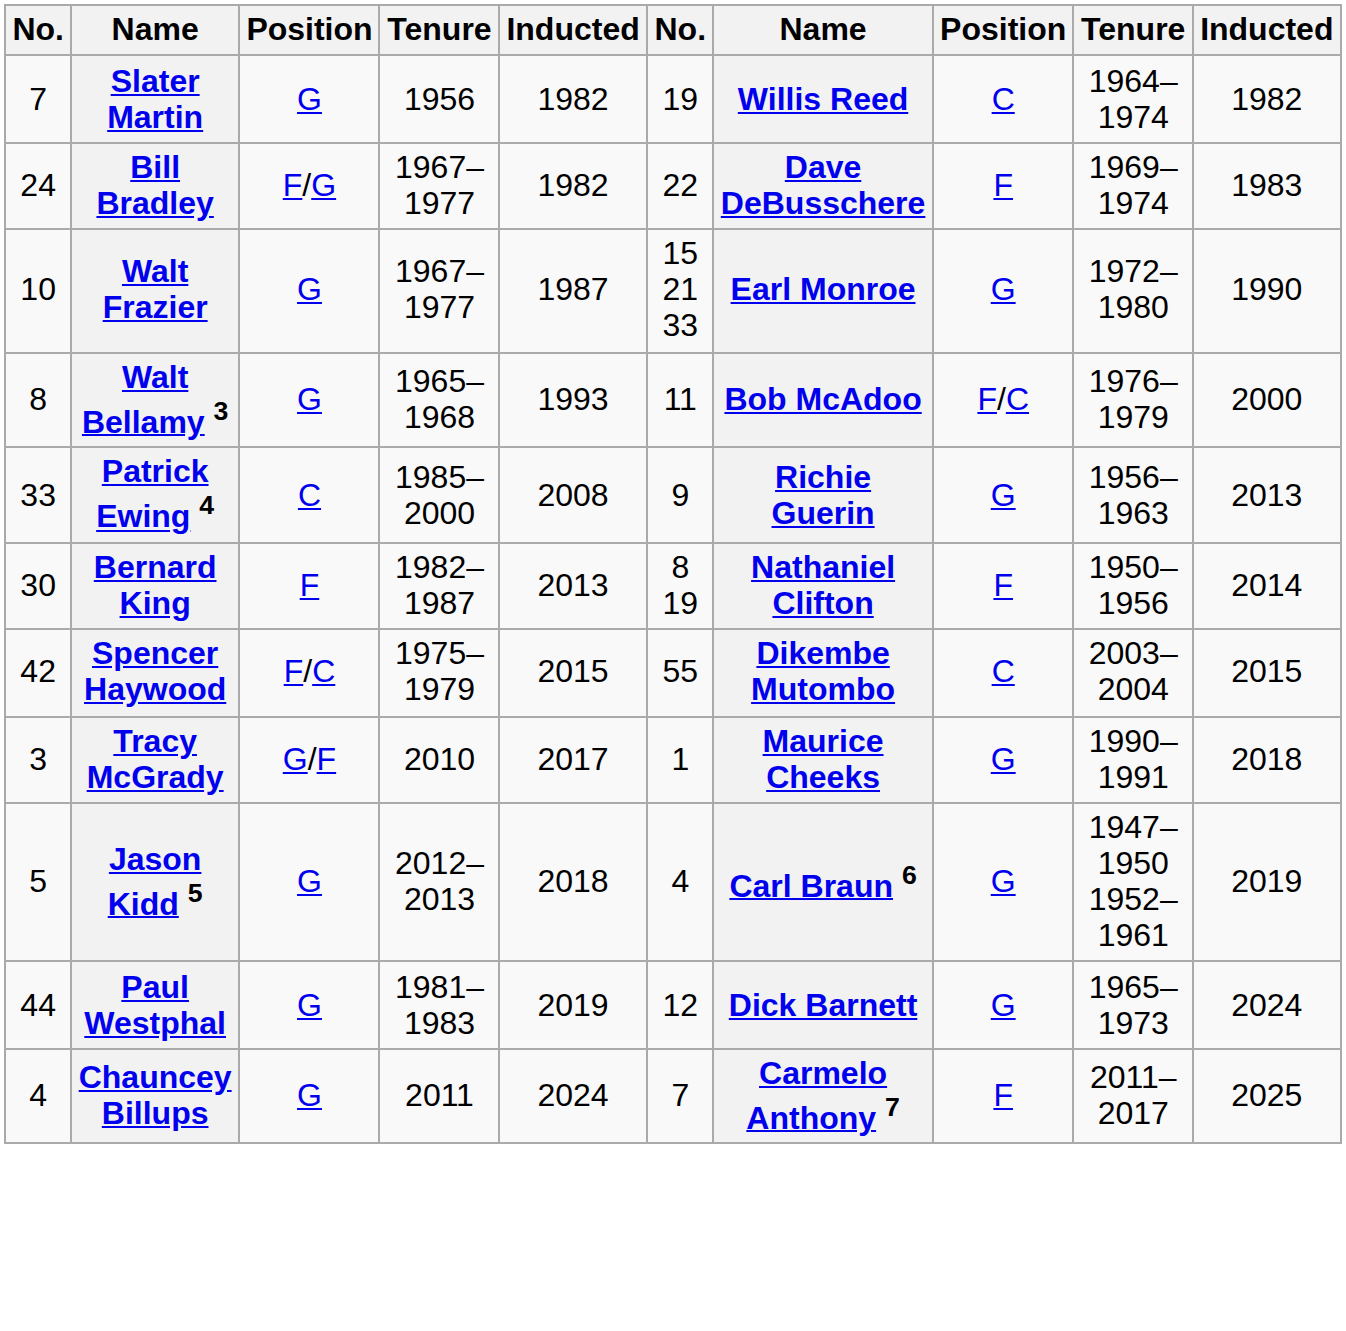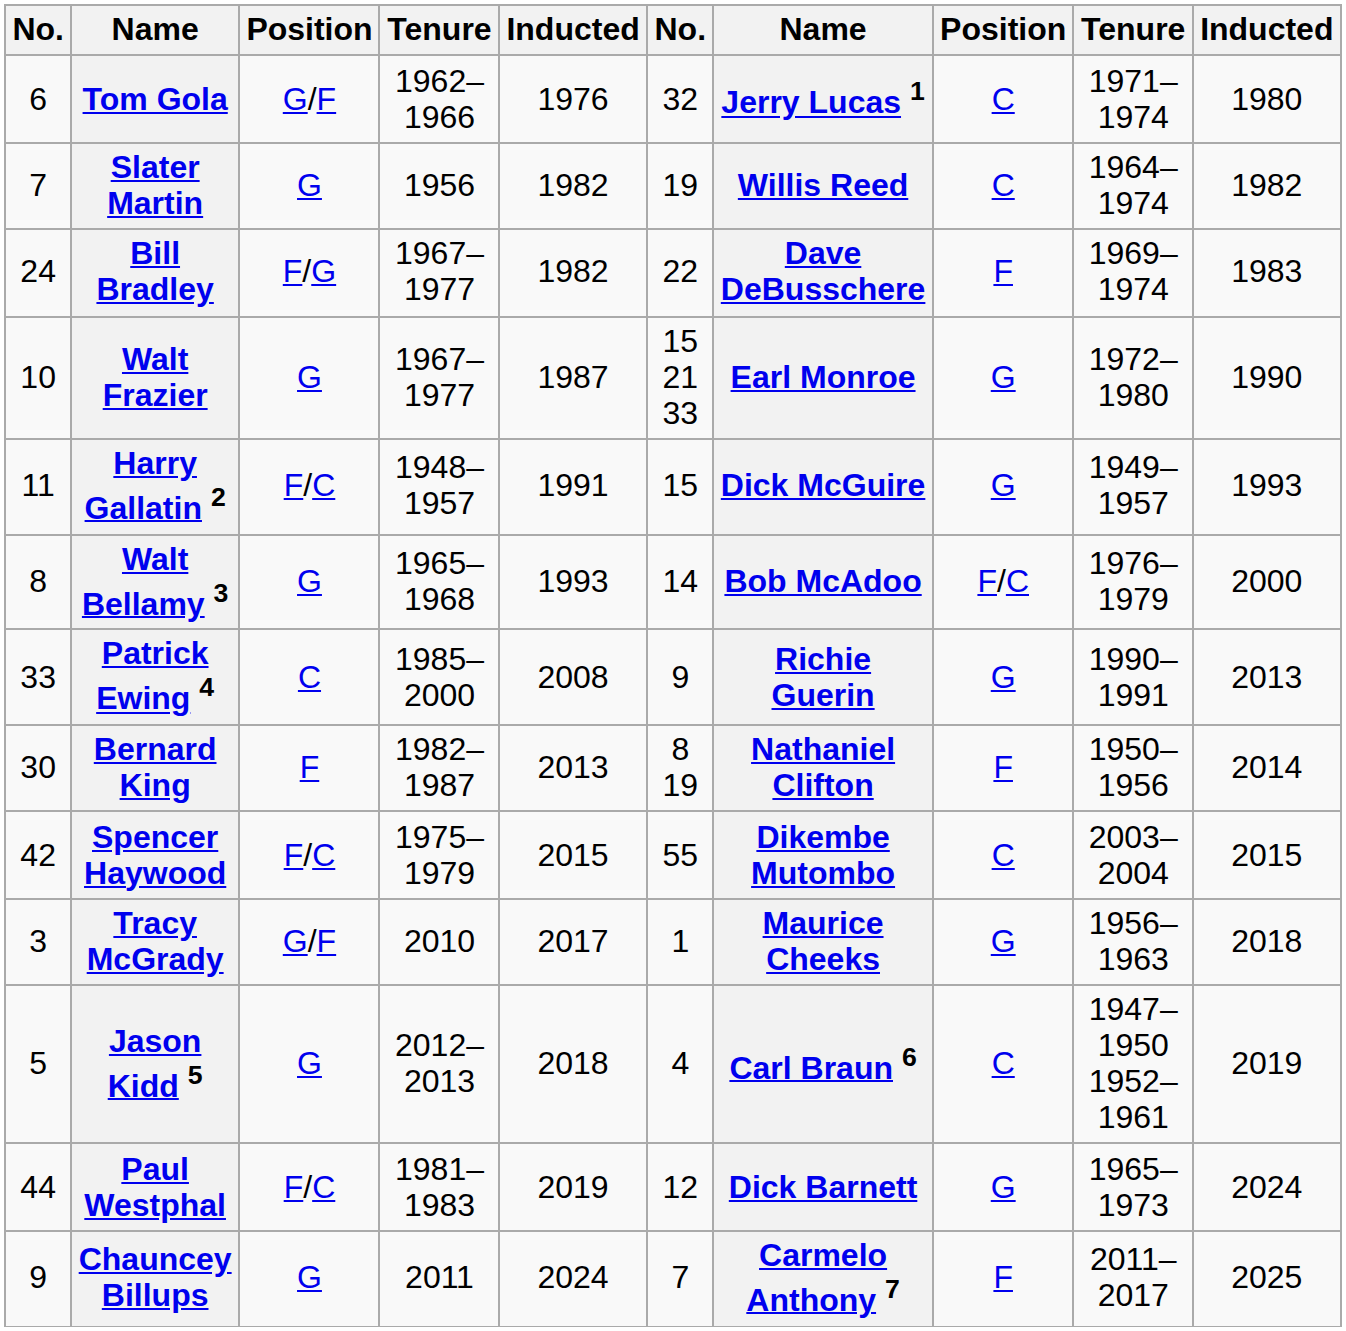 <table class="wikitable" style="text-align:center">
 <tr>
 <th scope="col">No.</th>
 <th scope="col">Name</th>
 <th scope="col">Position</th>
 <th scope="col">Tenure</th>
 <th scope="col">Inducted</th>
 <th scope="col">No.</th>
 <th scope="col">Name</th>
 <th scope="col">Position</th>
 <th scope="col">Tenure</th>
 <th scope="col">Inducted</th>
+</tr>
+<tr>
+<td>6</td>
+<th scope="row"><a href='#'>Tom Gola</a></th>
+<td><a href='#'>G</a>/<a href='#'>F</a></td>
+<td>1962–1966</td>
+<td>1976</td>
+<td>32</td>
+<th scope="row"><a href='#'>Jerry Lucas</a> <sup>1</sup></th>
+<td><a href='#'>C</a></td>
+<td>1971–1974</td>
+<td>1980</td>
 </tr>
 <tr>
 <td>7</td>
 <th scope="row"><a href='#'>Slater Martin</a></th>
 <td><a href='#'>G</a></td>
 <td>1956</td>
 <td>1982</td>
 <td>19</td>
 <th scope="row"><a href='#'>Willis Reed</a></th>
 <td><a href='#'>C</a></td>
 <td>1964–1974</td>
 <td>1982</td>
 </tr>
 <tr>
 <td>24</td>
 <th scope="row"><a href='#'>Bill Bradley</a></th>
 <td><a href='#'>F</a>/<a href='#'>G</a></td>
 <td>1967–1977</td>
 <td>1982</td>
 <td>22</td>
 <th scope="row"><a href='#'>Dave DeBusschere</a></th>
 <td><a href='#'>F</a></td>
 <td>1969–1974</td>
 <td>1983</td>
 </tr>
 <tr>
 <td>10</td>
 <th scope="row"><a href='#'>Walt Frazier</a></th>
 <td><a href='#'>G</a></td>
 <td>1967–1977</td>
 <td>1987</td>
 <td>15<br>21<br>33</td>
 <th scope="row"><a href='#'>Earl Monroe</a></th>
 <td><a href='#'>G</a></td>
 <td>1972–1980</td>
 <td>1990</td>
 </tr>
 <tr>
+<td>11</td>
+<th scope="row"><a href='#'>Harry Gallatin</a> <sup>2</sup></th>
+<td><a href='#'>F</a>/<a href='#'>C</a></td>
+<td>1948–1957</td>
+<td>1991</td>
+<td>15</td>
+<th scope="row"><a href='#'>Dick McGuire</a></th>
+<td><a href='#'>G</a></td>
+<td>1949–1957</td>
+<td>1993</td>
+</tr>
+<tr>
 <td>8</td>
 <th scope="row"><a href='#'>Walt Bellamy</a> <sup>3</sup></th>
 <td><a href='#'>G</a></td>
 <td>1965–1968</td>
 <td>1993</td>
-<td>11</td>
+<td>14</td>
 <th scope="row"><a href='#'>Bob McAdoo</a></th>
 <td><a href='#'>F</a>/<a href='#'>C</a></td>
 <td>1976–1979</td>
 <td>2000</td>
 </tr>
 <tr>
 <td>33</td>
 <th scope="row"><a href='#'>Patrick Ewing</a> <sup>4</sup></th>
 <td><a href='#'>C</a></td>
 <td>1985–2000</td>
 <td>2008</td>
 <td>9</td>
 <th scope="row"><a href='#'>Richie Guerin</a></th>
 <td><a href='#'>G</a></td>
-<td>1956–1963</td>
+<td>1990–1991</td>
 <td>2013</td>
 </tr>
 <tr>
 <td>30</td>
 <th scope="row"><a href='#'>Bernard King</a></th>
 <td><a href='#'>F</a></td>
 <td>1982–1987</td>
 <td>2013</td>
 <td>8<br>19</td>
 <th scope="row"><a href='#'>Nathaniel Clifton</a></th>
 <td><a href='#'>F</a></td>
 <td>1950–1956</td>
 <td>2014</td>
 </tr>
 <tr>
 <td>42</td>
 <th scope="row"><a href='#'>Spencer Haywood</a></th>
 <td><a href='#'>F</a>/<a href='#'>C</a></td>
 <td>1975–1979</td>
 <td>2015</td>
 <td>55</td>
 <th scope="row"><a href='#'>Dikembe Mutombo</a></th>
 <td><a href='#'>C</a></td>
 <td>2003–2004</td>
 <td>2015</td>
 </tr>
 <tr>
 <td>3</td>
 <th scope="row"><a href='#'>Tracy McGrady</a></th>
 <td><a href='#'>G</a>/<a href='#'>F</a></td>
 <td>2010</td>
 <td>2017</td>
 <td>1</td>
 <th scope="row"><a href='#'>Maurice Cheeks</a></th>
 <td><a href='#'>G</a></td>
-<td>1990–1991</td>
+<td>1956–1963</td>
 <td>2018</td>
 </tr>
 <tr>
 <td>5</td>
 <th scope="row"><a href='#'>Jason Kidd</a> <sup>5</sup></th>
 <td><a href='#'>G</a></td>
 <td>2012–2013</td>
 <td>2018</td>
 <td>4</td>
 <th scope="row"><a href='#'>Carl Braun</a> <sup>6</sup></th>
-<td><a href='#'>G</a></td>
+<td><a href='#'>C</a></td>
 <td>1947–1950<br>1952–1961</td>
 <td>2019</td>
 </tr>
 <tr>
 <td>44</td>
 <th scope="row"><a href='#'>Paul Westphal</a></th>
-<td><a href='#'>G</a></td>
+<td><a href='#'>F</a>/<a href='#'>C</a></td>
 <td>1981–1983</td>
 <td>2019</td>
 <td>12</td>
 <th scope="row"><a href='#'>Dick Barnett</a></th>
 <td><a href='#'>G</a></td>
 <td>1965–1973</td>
 <td>2024</td>
 </tr>
 <tr>
-<td>4</td>
+<td>9</td>
 <th scope="row"><a href='#'>Chauncey Billups</a></th>
 <td><a href='#'>G</a></td>
 <td>2011</td>
 <td>2024</td>
 <td>7</td>
 <th scope="row"><a href='#'>Carmelo Anthony</a> <sup>7</sup></th>
 <td><a href='#'>F</a></td>
 <td>2011–2017</td>
 <td>2025</td>
 </tr>
 </table>
